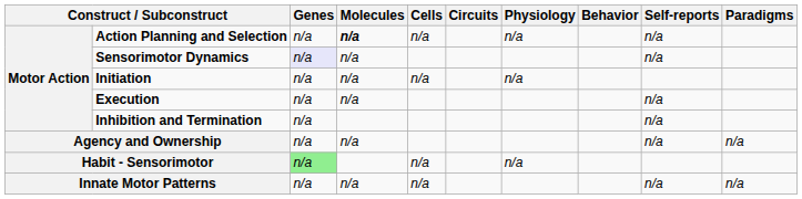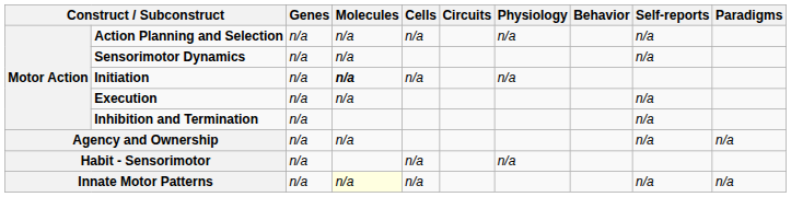 <table class="wikitable">
 <tr>
 <th colspan="2">Construct / Subconstruct</th>
 <th>Genes</th>
 <th>Molecules</th>
 <th>Cells</th>
 <th>Circuits</th>
 <th>Physiology</th>
 <th>Behavior</th>
 <th>Self-reports</th>
 <th>Paradigms</th>
 </tr>
 <tr>
 <th rowspan="5" style="text-align: left;">Motor Action</th>
 <td><strong>Action Planning and Selection</strong></td>
 <td><em>n/a</em></td>
-<td><strong><em>n/a</em></strong></td>
+<td><em>n/a</em></td>
 <td><em>n/a</em></td>
 <td></td>
 <td><em>n/a</em></td>
 <td></td>
 <td><em>n/a</em></td>
 <td></td>
 </tr>
 <tr>
 <td><strong>Sensorimotor Dynamics</strong></td>
-<td style="background: lavender;"><em>n/a</em></td>
+<td><em>n/a</em></td>
 <td><em>n/a</em></td>
 <td></td>
 <td></td>
 <td></td>
 <td></td>
 <td><em>n/a</em></td>
 <td></td>
 </tr>
 <tr>
 <td><strong>Initiation</strong></td>
 <td><em>n/a</em></td>
-<td><em>n/a</em></td>
+<td><strong><em>n/a</em></strong></td>
 <td><em>n/a</em></td>
 <td></td>
 <td><em>n/a</em></td>
 <td></td>
 <td></td>
 <td></td>
 </tr>
 <tr>
 <td><strong>Execution</strong></td>
 <td><em>n/a</em></td>
 <td><em>n/a</em></td>
 <td></td>
 <td></td>
 <td></td>
 <td></td>
 <td><em>n/a</em></td>
 <td></td>
 </tr>
 <tr>
 <td><strong>Inhibition and Termination</strong></td>
 <td><em>n/a</em></td>
 <td></td>
 <td></td>
 <td></td>
 <td></td>
 <td></td>
 <td><em>n/a</em></td>
 <td></td>
 </tr>
 <tr>
 <th colspan="2">Agency and Ownership</th>
 <td><em>n/a</em></td>
 <td><em>n/a</em></td>
 <td></td>
 <td></td>
 <td></td>
 <td></td>
 <td><em>n/a</em></td>
 <td><em>n/a</em></td>
 </tr>
 <tr>
 <th colspan="2">Habit - Sensorimotor</th>
-<td style="background: lightgreen;"><em>n/a</em></td>
+<td><em>n/a</em></td>
 <td> </td>
 <td><em>n/a</em></td>
 <td></td>
 <td><em>n/a</em></td>
 <td></td>
 <td></td>
 <td></td>
 </tr>
 <tr>
 <th colspan="2">Innate Motor Patterns</th>
 <td><em>n/a</em></td>
-<td><em>n/a</em></td>
+<td style="background: lightyellow;"><em>n/a</em></td>
 <td><em>n/a</em></td>
 <td></td>
 <td></td>
 <td></td>
 <td><em>n/a</em></td>
 <td><em>n/a</em></td>
 </tr>
 </table>
